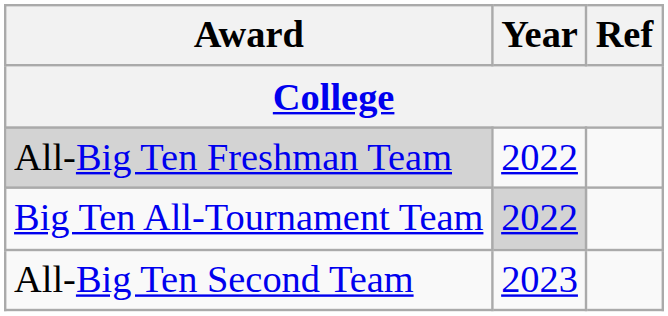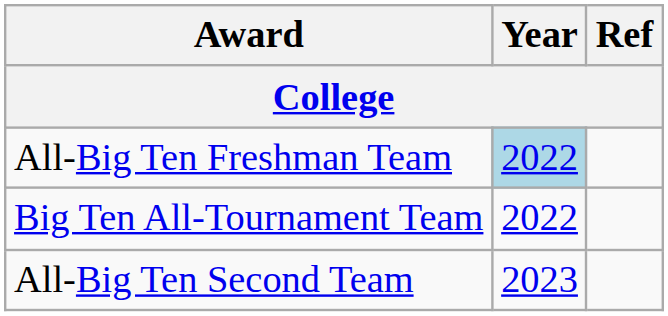 <table class="wikitable">
 <tr>
 <th>Award</th>
 <th>Year</th>
 <th>Ref</th>
 </tr>
 <tr>
 <th colspan="3"><a href='#'>College</a></th>
 </tr>
 <tr>
-<td style="background: lightgrey;">All-<a href='#'>Big Ten Freshman Team</a></td>
-<td><a href='#'>2022</a></td>
+<td>All-<a href='#'>Big Ten Freshman Team</a></td>
+<td style="background: lightblue;"><a href='#'>2022</a></td>
 <td></td>
 </tr>
 <tr>
 <td><a href='#'>Big Ten All-Tournament Team</a></td>
-<td style="background: lightgrey;"><a href='#'>2022</a></td>
+<td><a href='#'>2022</a></td>
 <td></td>
 </tr>
 <tr>
 <td>All-<a href='#'>Big Ten Second Team</a></td>
 <td><a href='#'>2023</a></td>
 <td></td>
 </tr>
 </table>
